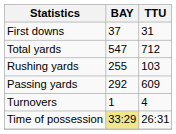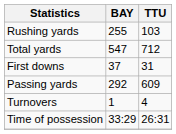 <table class="wikitable" style="float: left;">
 <tr>
 <th>Statistics</th>
 <th>BAY</th>
 <th>TTU</th>
 </tr>
 <tr>
-<td>First downs</td>
-<td>37</td>
-<td>31</td>
+<td>Rushing yards</td>
+<td>255</td>
+<td>103</td>
 </tr>
 <tr>
 <td>Total yards</td>
 <td>547</td>
 <td>712</td>
 </tr>
 <tr>
-<td>Rushing yards</td>
-<td>255</td>
-<td>103</td>
+<td>First downs</td>
+<td>37</td>
+<td>31</td>
 </tr>
 <tr>
 <td>Passing yards</td>
 <td>292</td>
 <td>609</td>
 </tr>
 <tr>
 <td>Turnovers</td>
 <td>1</td>
 <td>4</td>
 </tr>
 <tr>
 <td>Time of possession</td>
-<td style="background: khaki;">33:29</td>
+<td>33:29</td>
 <td>26:31</td>
 </tr>
 <tr>
 </tr>
 </table>
